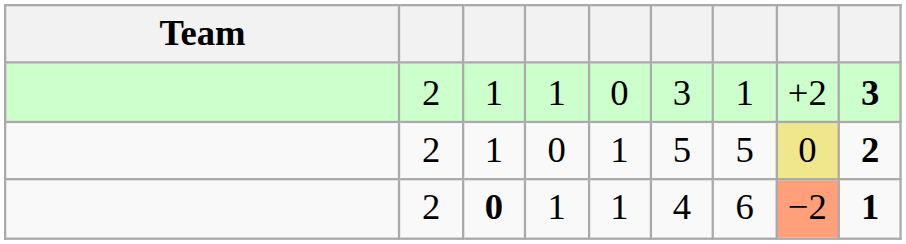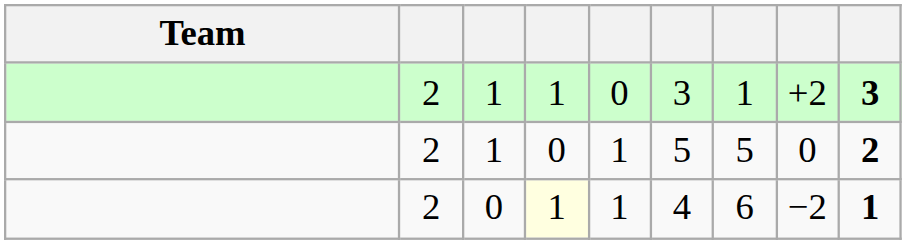 <table class="wikitable" style="text-align: center;">
 <tr>
 <th width="165">Team</th>
 <th width="20"></th>
 <th width="20"></th>
 <th width="20"></th>
 <th width="20"></th>
 <th width="20"></th>
 <th width="20"></th>
 <th width="20"></th>
 <th width="20"></th>
 </tr>
 <tr bgcolor=ccffcc>
 <td style="text-align:left;"></td>
 <td>2</td>
 <td>1</td>
 <td>1</td>
 <td>0</td>
 <td>3</td>
 <td>1</td>
 <td>+2</td>
 <td><strong>3</strong></td>
 </tr>
 <tr>
 <td style="text-align:left;"></td>
 <td>2</td>
 <td>1</td>
 <td>0</td>
 <td>1</td>
 <td>5</td>
 <td>5</td>
-<td style="background: khaki;">0</td>
+<td>0</td>
 <td><strong>2</strong></td>
 </tr>
 <tr>
 <td style="text-align:left;"></td>
 <td>2</td>
-<td><strong>0</strong></td>
-<td>1</td>
+<td>0</td>
+<td style="background: lightyellow;">1</td>
 <td>1</td>
 <td>4</td>
 <td>6</td>
-<td style="background: lightsalmon;">−2</td>
+<td>−2</td>
 <td><strong>1</strong></td>
 </tr>
 </table>
